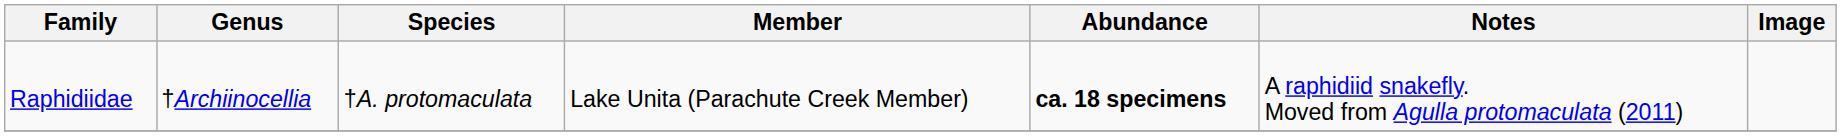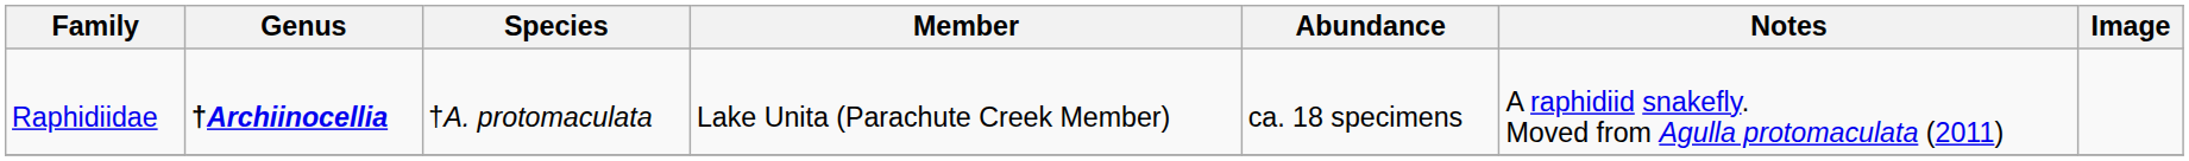 <table class="wikitable" style="margin:auto;width:100%;">
 <tr>
 <th>Family</th>
 <th>Genus</th>
 <th>Species</th>
 <th>Member</th>
 <th>Abundance</th>
 <th>Notes</th>
 <th>Image</th>
 </tr>
 <tr>
 <td><br><a href='#'>Raphidiidae</a></td>
-<td><br>†<em><a href='#'>Archiinocellia</a></em></td>
+<td><strong><br>†<em><a href='#'>Archiinocellia</a></em></strong></td>
 <td><br>†<em>A. protomaculata</em> </td>
 <td><br>Lake Unita (Parachute Creek Member)</td>
-<td><strong><br>ca. 18 specimens</strong></td>
+<td><br>ca. 18 specimens</td>
 <td><br>A <a href='#'>raphidiid</a> <a href='#'>snakefly</a>. <br>Moved from <em><a href='#'>Agulla protomaculata</a></em> (<a href='#'>2011</a>)</td>
 <td><br></td>
 </tr>
 <tr>
 </tr>
 </table>
